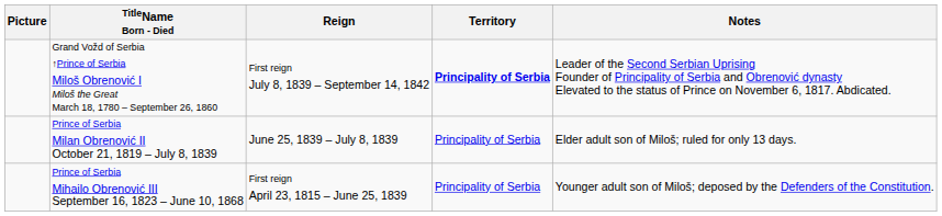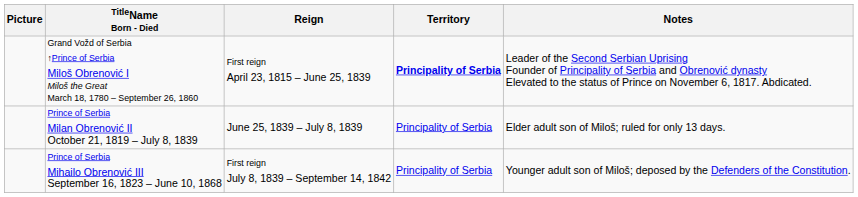 <table class="wikitable">
 <tr>
 <th>Picture</th>
 <th><sup>Title</sup>Name<br><small>Born - Died</small></th>
 <th>Reign</th>
 <th>Territory</th>
 <th>Notes</th>
 </tr>
 <tr ->
 <td></td>
 <td><sup>Grand Vožd of Serbia<br>↑<a href='#'>Prince of Serbia</a></sup><br> <a href='#'>Miloš Obrenović I</a> <br><small><em>Miloš the Great</em><br> March 18, 1780 – September 26, 1860</small></td>
-<td><sup>First reign</sup><br> July 8, 1839 – September 14, 1842</td>
+<td><sup>First reign</sup><br> April 23, 1815 – June 25, 1839</td>
 <td><strong><a href='#'>Principality of Serbia</a></strong></td>
 <td>Leader of the <a href='#'>Second Serbian Uprising</a> <br> Founder of <a href='#'>Principality of Serbia</a> and <a href='#'>Obrenović dynasty</a> <br> Elevated to the status of Prince on November 6, 1817. Abdicated.</td>
 </tr>
 <tr ->
 <td></td>
 <td><sup><a href='#'>Prince of Serbia</a></sup><br> <a href='#'>Milan Obrenović II</a> <br> October 21, 1819 – July 8, 1839</td>
 <td>June 25, 1839 – July 8, 1839</td>
 <td><a href='#'>Principality of Serbia</a></td>
 <td>Elder adult son of Miloš; ruled for only 13 days.</td>
 </tr>
 <tr ->
 <td></td>
 <td><sup><a href='#'>Prince of Serbia</a></sup><br> <a href='#'>Mihailo Obrenović III</a> <br> September 16, 1823 – June 10, 1868</td>
-<td><sup>First reign</sup><br> April 23, 1815 – June 25, 1839</td>
+<td><sup>First reign</sup><br> July 8, 1839 – September 14, 1842</td>
 <td><a href='#'>Principality of Serbia</a></td>
 <td>Younger adult son of Miloš; deposed by the <a href='#'>Defenders of the Constitution</a>.</td>
 </tr>
 </table>
